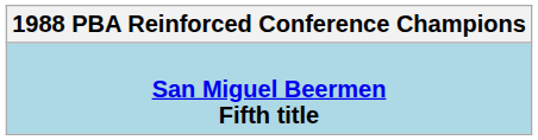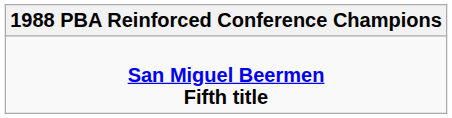 <table class=wikitable style="text-align:center; margin:auto">
 <tr>
 <th>1988 PBA Reinforced Conference Champions</th>
 </tr>
 <tr>
-<td style="background: lightblue;"><br> <strong><a href='#'>San Miguel Beermen</a></strong> <br> <strong>Fifth title</strong></td>
+<td><br> <strong><a href='#'>San Miguel Beermen</a></strong> <br> <strong>Fifth title</strong></td>
 </tr>
 </table>
